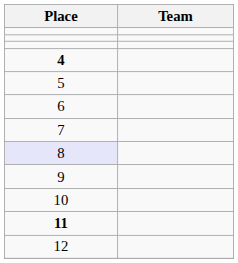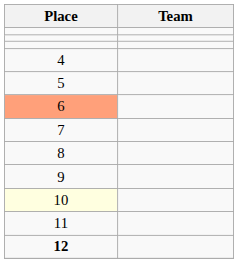 <table class="wikitable" width="250px">
 <tr>
 <th>Place</th>
 <th>Team</th>
 </tr>
 <tr>
 <td align=center></td>
 <td></td>
 </tr>
 <tr>
 <td align=center></td>
 <td></td>
 </tr>
 <tr>
 <td align=center></td>
 <td></td>
 </tr>
 <tr>
-<td align=center><strong>4</strong></td>
+<td align=center>4</td>
 <td></td>
 </tr>
 <tr>
 <td align=center>5</td>
 <td></td>
 </tr>
 <tr>
-<td align=center>6</td>
+<td align=center style="background: lightsalmon;">6</td>
 <td></td>
 </tr>
 <tr>
 <td align=center>7</td>
 <td></td>
 </tr>
 <tr>
-<td align=center style="background: lavender;">8</td>
+<td align=center>8</td>
 <td></td>
 </tr>
 <tr>
 <td align=center>9</td>
 <td></td>
 </tr>
 <tr>
-<td align=center>10</td>
+<td align=center style="background: lightyellow;">10</td>
 <td></td>
 </tr>
 <tr>
-<td align=center><strong>11</strong></td>
+<td align=center>11</td>
 <td></td>
 </tr>
 <tr>
-<td align=center>12</td>
+<td align=center><strong>12</strong></td>
 <td></td>
 </tr>
 <tr>
 </tr>
 </table>
